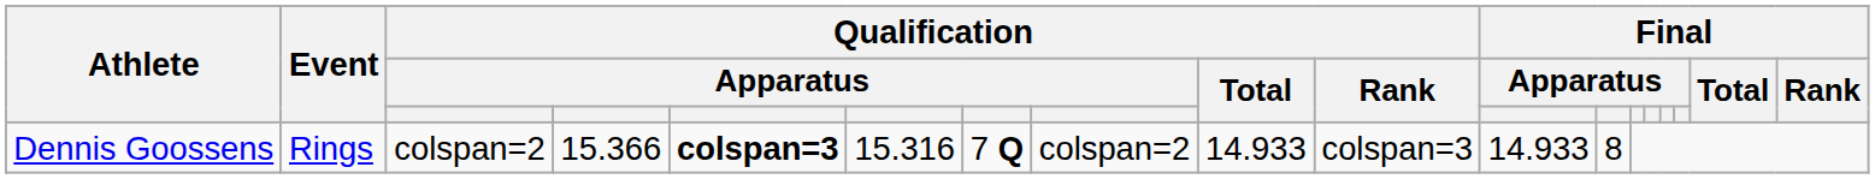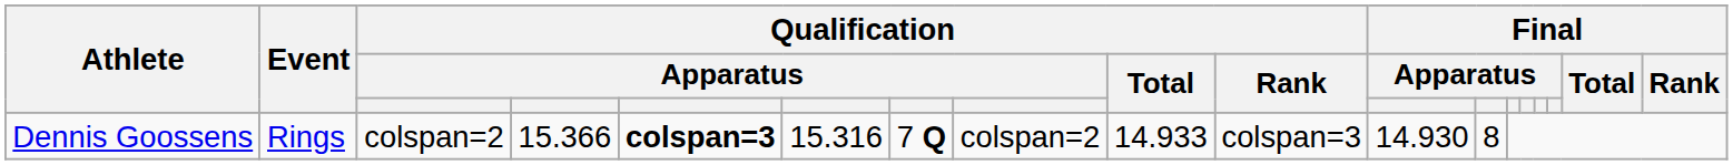 <table class="wikitable" style="font-size:90%">
 <tr>
 <th rowspan=3>Athlete</th>
 <th rowspan=3>Event</th>
 <th colspan =8>Qualification</th>
 <th colspan =8>Final</th>
 </tr>
 <tr style="font-size:95%">
 <th colspan=6>Apparatus</th>
 <th rowspan=2>Total</th>
 <th rowspan=2>Rank</th>
 <th colspan=6>Apparatus</th>
 <th rowspan=2>Total</th>
 <th rowspan=2>Rank</th>
 </tr>
 <tr style="font-size:95%">
 <th></th>
 <th></th>
 <th></th>
 <th></th>
 <th></th>
 <th></th>
 <th></th>
 <th></th>
 <th></th>
 <th></th>
 <th></th>
 <th></th>
 </tr>
 <tr align=center>
 <td align=left><a href='#'>Dennis Goossens</a></td>
 <td align=left><a href='#'>Rings</a></td>
 <td>colspan=2 </td>
 <td>15.366</td>
 <td><strong>colspan=3 </strong></td>
 <td>15.316</td>
 <td>7 <strong>Q</strong></td>
 <td>colspan=2 </td>
 <td>14.933</td>
 <td>colspan=3 </td>
-<td>14.933</td>
+<td>14.930</td>
 <td>8</td>
 </tr>
 </table>
